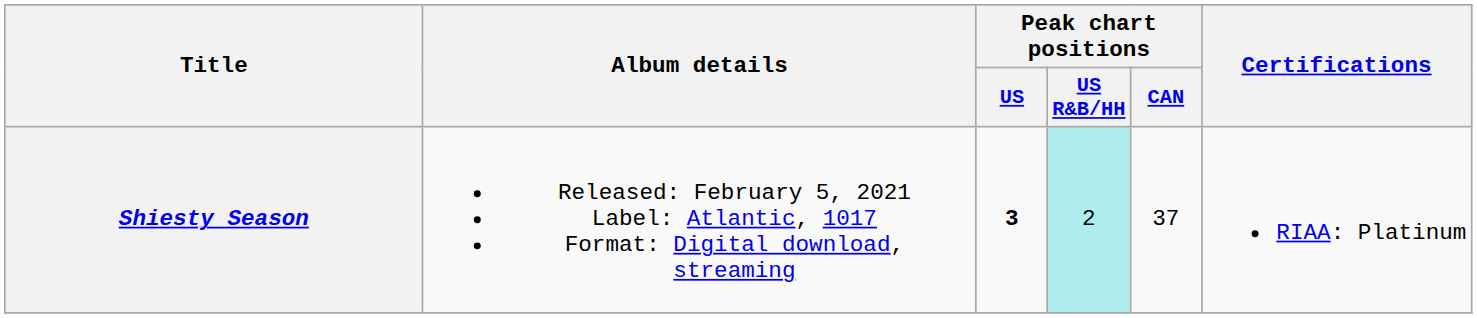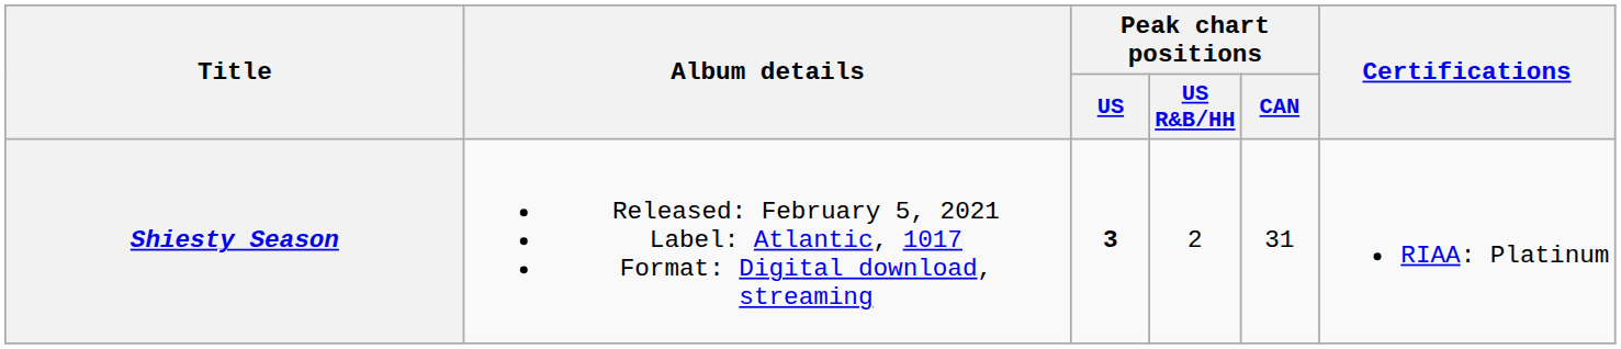 <table class="wikitable plainrowheaders" style="text-align:center;">
 <tr>
 <th scope="col" rowspan="2" style="width:18em;">Title</th>
 <th scope="col" rowspan="2" style="width:24em;">Album details</th>
 <th scope="col" colspan="3">Peak chart positions</th>
 <th rowspan="2"><a href='#'>Certifications</a></th>
 </tr>
 <tr>
 <th scope="col" style="width:3em;font-size:90%;"><a href='#'>US</a><br></th>
 <th scope="col" style="width:3em;font-size:90%;"><a href='#'>US<br>R&B/HH</a><br></th>
 <th scope="col" style="width:3em;font-size:90%;"><a href='#'>CAN</a><br></th>
 </tr>
 <tr>
 <th scope="row"><em><a href='#'>Shiesty Season</a></em></th>
 <td><br><ul><li>Released: February 5, 2021</li><li>Label: <a href='#'>Atlantic</a>, <a href='#'>1017</a></li><li>Format: <a href='#'>Digital download</a>, <a href='#'>streaming</a></li></ul></td>
 <td><strong>3</strong></td>
-<td style="background: paleturquoise;">2</td>
-<td>37</td>
+<td>2</td>
+<td>31</td>
 <td><br><ul><li><a href='#'>RIAA</a>: Platinum</li></ul></td>
 </tr>
 </table>
